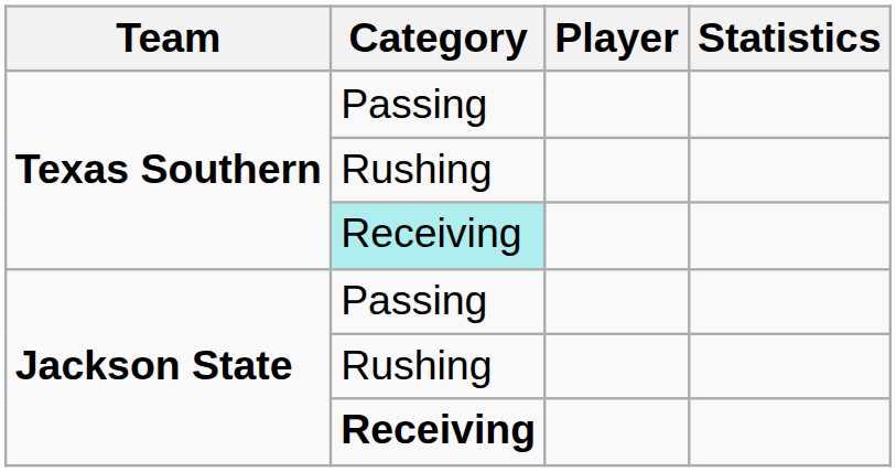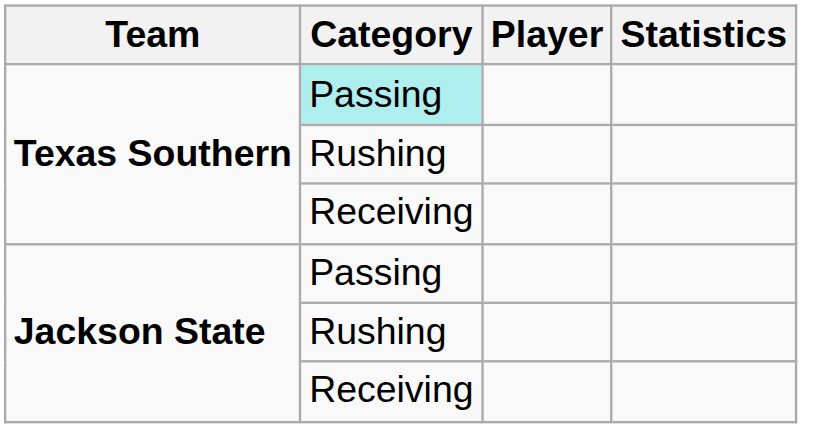 <table class="wikitable" style="float: left;">
 <tr>
 <th>Team</th>
 <th>Category</th>
 <th>Player</th>
 <th>Statistics</th>
 </tr>
 <tr>
 <td rowspan=3><strong>Texas Southern</strong></td>
-<td>Passing</td>
+<td style="background: paleturquoise;">Passing</td>
 <td> </td>
 <td> </td>
 </tr>
 <tr>
 <td>Rushing</td>
 <td> </td>
 <td> </td>
 </tr>
 <tr>
-<td style="background: paleturquoise;">Receiving</td>
+<td>Receiving</td>
 <td> </td>
 <td> </td>
 </tr>
 <tr>
 <td rowspan=3><strong>Jackson State</strong></td>
 <td>Passing</td>
 <td> </td>
 <td> </td>
 </tr>
 <tr>
 <td>Rushing</td>
 <td> </td>
 <td> </td>
 </tr>
 <tr>
-<td><strong>Receiving</strong></td>
+<td>Receiving</td>
 <td> </td>
 <td> </td>
 </tr>
 </table>
